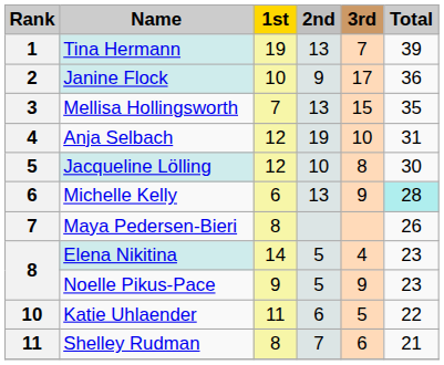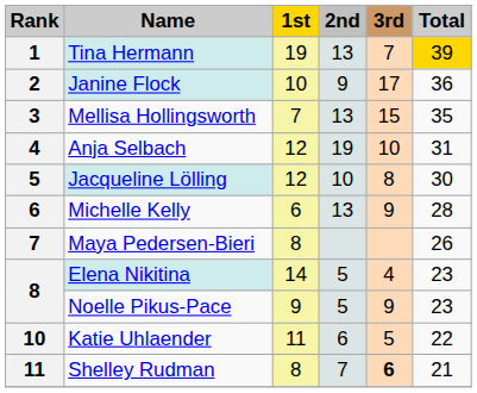 <table class="wikitable">
 <tr>
 <th style="background-color: #ccc;" width="30">Rank</th>
 <th style="background-color: #ccc;" width="160">Name</th>
 <th style="background:gold; width:10%">1st</th>
 <th style="background-color: #C0C0C0" width="10%">2nd</th>
 <th style="background-color: #cc9966;" width="10%">3rd</th>
 <th style="background-color: #ccc;" width="40">Total</th>
 </tr>
 <tr align="center">
 <th>1</th>
 <td align=left bgcolor=CFECEC> <a href='#'>Tina Hermann</a></td>
 <td style="background:#F7F6A8;">19</td>
 <td style="background:#DCE5E5;">13</td>
 <td style="background:#FFDAB9;">7</td>
-<td align="center">39</td>
+<td align="center" style="background: gold;">39</td>
 </tr>
 <tr align=center>
 <th>2</th>
 <td align=left bgcolor=CFECEC> <a href='#'>Janine Flock</a></td>
 <td style="background:#F7F6A8;">10</td>
 <td style="background:#DCE5E5;">9</td>
 <td style="background:#FFDAB9;">17</td>
 <td align="center">36</td>
 </tr>
 <tr align=center>
 <th>3</th>
 <td align=left> <a href='#'>Mellisa Hollingsworth</a></td>
 <td style="background:#F7F6A8;">7</td>
 <td style="background:#DCE5E5;">13</td>
 <td style="background:#FFDAB9;">15</td>
 <td align="center">35</td>
 </tr>
 <tr align=center>
 <th>4</th>
 <td align=left> <a href='#'>Anja Selbach</a></td>
 <td style="background:#F7F6A8;">12</td>
 <td style="background:#DCE5E5;">19</td>
 <td style="background:#FFDAB9;">10</td>
 <td align="center">31</td>
 </tr>
 <tr align=center>
 <th>5</th>
 <td align=left bgcolor=CFECEC> <a href='#'>Jacqueline Lölling</a></td>
 <td style="background:#F7F6A8;">12</td>
 <td style="background:#DCE5E5;">10</td>
 <td style="background:#FFDAB9;">8</td>
 <td align="center">30</td>
 </tr>
 <tr align=center>
 <th>6</th>
 <td align=left> <a href='#'>Michelle Kelly</a></td>
 <td style="background:#F7F6A8;">6</td>
 <td style="background:#DCE5E5;">13</td>
 <td style="background:#FFDAB9;">9</td>
-<td align="center" style="background: paleturquoise;">28</td>
+<td align="center">28</td>
 </tr>
 <tr align=center>
 <th>7</th>
 <td align=left> <a href='#'>Maya Pedersen-Bieri</a></td>
 <td style="background:#F7F6A8;">8</td>
 <td style="background:#DCE5E5;"></td>
 <td style="background:#FFDAB9;"></td>
 <td align="center">26</td>
 </tr>
 <tr align=center>
 <th rowspan=2>8</th>
 <td align=left bgcolor=CFECEC> <a href='#'>Elena Nikitina</a></td>
 <td style="background:#F7F6A8;">14</td>
 <td style="background:#DCE5E5;">5</td>
 <td style="background:#FFDAB9;">4</td>
 <td align="center">23</td>
 </tr>
 <tr align=center>
 <td align=left> <a href='#'>Noelle Pikus-Pace</a></td>
 <td style="background:#F7F6A8;">9</td>
 <td style="background:#DCE5E5;">5</td>
 <td style="background:#FFDAB9;">9</td>
 <td align="center">23</td>
 </tr>
 <tr align=center>
 <th>10</th>
 <td align=left> <a href='#'>Katie Uhlaender</a></td>
 <td style="background:#F7F6A8;">11</td>
 <td style="background:#DCE5E5;">6</td>
 <td style="background:#FFDAB9;">5</td>
 <td align="center">22</td>
 </tr>
 <tr align=center>
 <th>11</th>
 <td align=left> <a href='#'>Shelley Rudman</a></td>
 <td style="background:#F7F6A8;">8</td>
 <td style="background:#DCE5E5;">7</td>
-<td style="background:#FFDAB9;">6</td>
+<td style="background:#FFDAB9;"><strong>6</strong></td>
 <td align="center">21</td>
 </tr>
 <tr align=center>
 </tr>
 </table>
